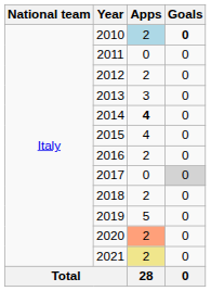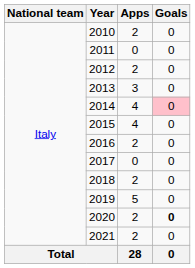 <table class="wikitable" style="text-align:center">
 <tr>
 <th>National team</th>
 <th>Year</th>
 <th>Apps</th>
 <th>Goals</th>
 </tr>
 <tr>
 <td rowspan="12"><a href='#'>Italy</a></td>
 <td>2010</td>
-<td style="background: lightblue;">2</td>
-<td><strong>0</strong></td>
+<td>2</td>
+<td>0</td>
 </tr>
 <tr>
 <td>2011</td>
 <td>0</td>
 <td>0</td>
 </tr>
 <tr>
 <td>2012</td>
 <td>2</td>
 <td>0</td>
 </tr>
 <tr>
 <td>2013</td>
 <td>3</td>
 <td>0</td>
 </tr>
 <tr>
 <td>2014</td>
-<td><strong>4</strong></td>
-<td>0</td>
+<td>4</td>
+<td style="background: pink;">0</td>
 </tr>
 <tr>
 <td>2015</td>
 <td>4</td>
 <td>0</td>
 </tr>
 <tr>
 <td>2016</td>
 <td>2</td>
 <td>0</td>
 </tr>
 <tr>
 <td>2017</td>
 <td>0</td>
-<td style="background: lightgrey;">0</td>
+<td>0</td>
 </tr>
 <tr>
 <td>2018</td>
 <td>2</td>
 <td>0</td>
 </tr>
 <tr>
 <td>2019</td>
 <td>5</td>
 <td>0</td>
 </tr>
 <tr>
 <td>2020</td>
-<td style="background: lightsalmon;">2</td>
-<td>0</td>
+<td>2</td>
+<td><strong>0</strong></td>
 </tr>
 <tr>
 <td>2021</td>
-<td style="background: khaki;">2</td>
+<td>2</td>
 <td>0</td>
 </tr>
 <tr>
 <th colspan="2">Total</th>
 <th>28</th>
 <th>0</th>
 </tr>
 </table>
